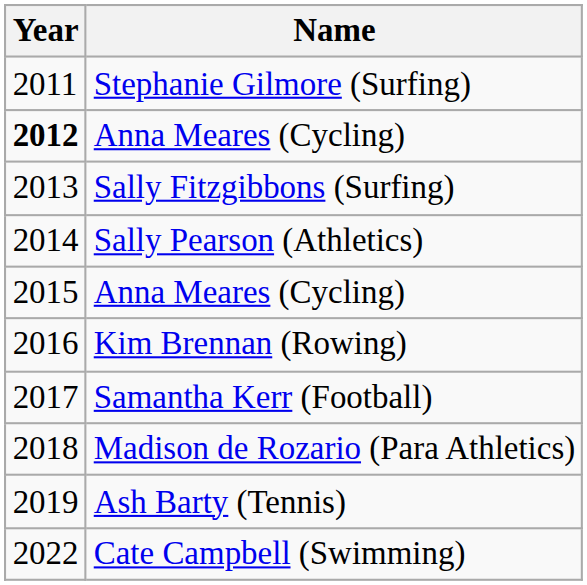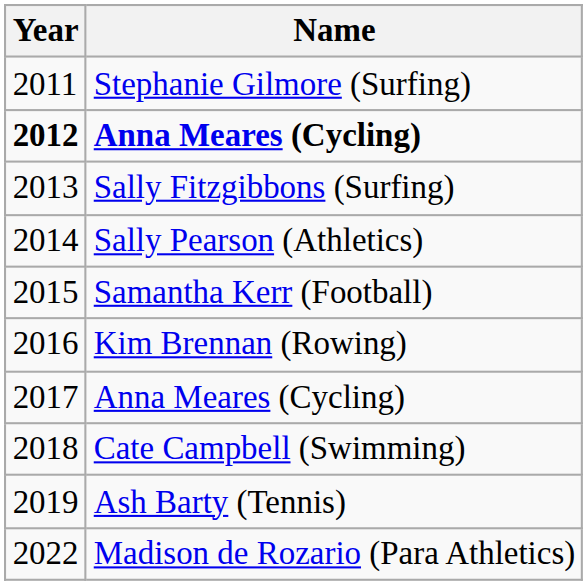 <table class="wikitable sortable">
 <tr>
 <th>Year</th>
 <th>Name</th>
 </tr>
 <tr>
 <td>2011</td>
 <td><a href='#'>Stephanie Gilmore</a> (Surfing)</td>
 </tr>
 <tr>
 <td><strong>2012</strong></td>
-<td><a href='#'>Anna Meares</a> (Cycling)</td>
+<td><strong><a href='#'>Anna Meares</a> (Cycling)</strong></td>
 </tr>
 <tr>
 <td>2013</td>
 <td><a href='#'>Sally Fitzgibbons</a> (Surfing)</td>
 </tr>
 <tr>
 <td>2014</td>
 <td><a href='#'>Sally Pearson</a> (Athletics)</td>
 </tr>
 <tr>
 <td>2015</td>
-<td><a href='#'>Anna Meares</a> (Cycling)</td>
+<td><a href='#'>Samantha Kerr</a> (Football)</td>
 </tr>
 <tr>
 <td>2016</td>
 <td><a href='#'>Kim Brennan</a> (Rowing)</td>
 </tr>
 <tr>
 <td>2017</td>
-<td><a href='#'>Samantha Kerr</a> (Football)</td>
+<td><a href='#'>Anna Meares</a> (Cycling)</td>
 </tr>
 <tr>
 <td>2018</td>
-<td><a href='#'>Madison de Rozario</a> (Para Athletics)</td>
+<td><a href='#'>Cate Campbell</a> (Swimming)</td>
 </tr>
 <tr>
 <td>2019</td>
 <td><a href='#'>Ash Barty</a> (Tennis)</td>
 </tr>
 <tr>
 <td>2022</td>
-<td><a href='#'>Cate Campbell</a> (Swimming)</td>
+<td><a href='#'>Madison de Rozario</a> (Para Athletics)</td>
 </tr>
 </table>
